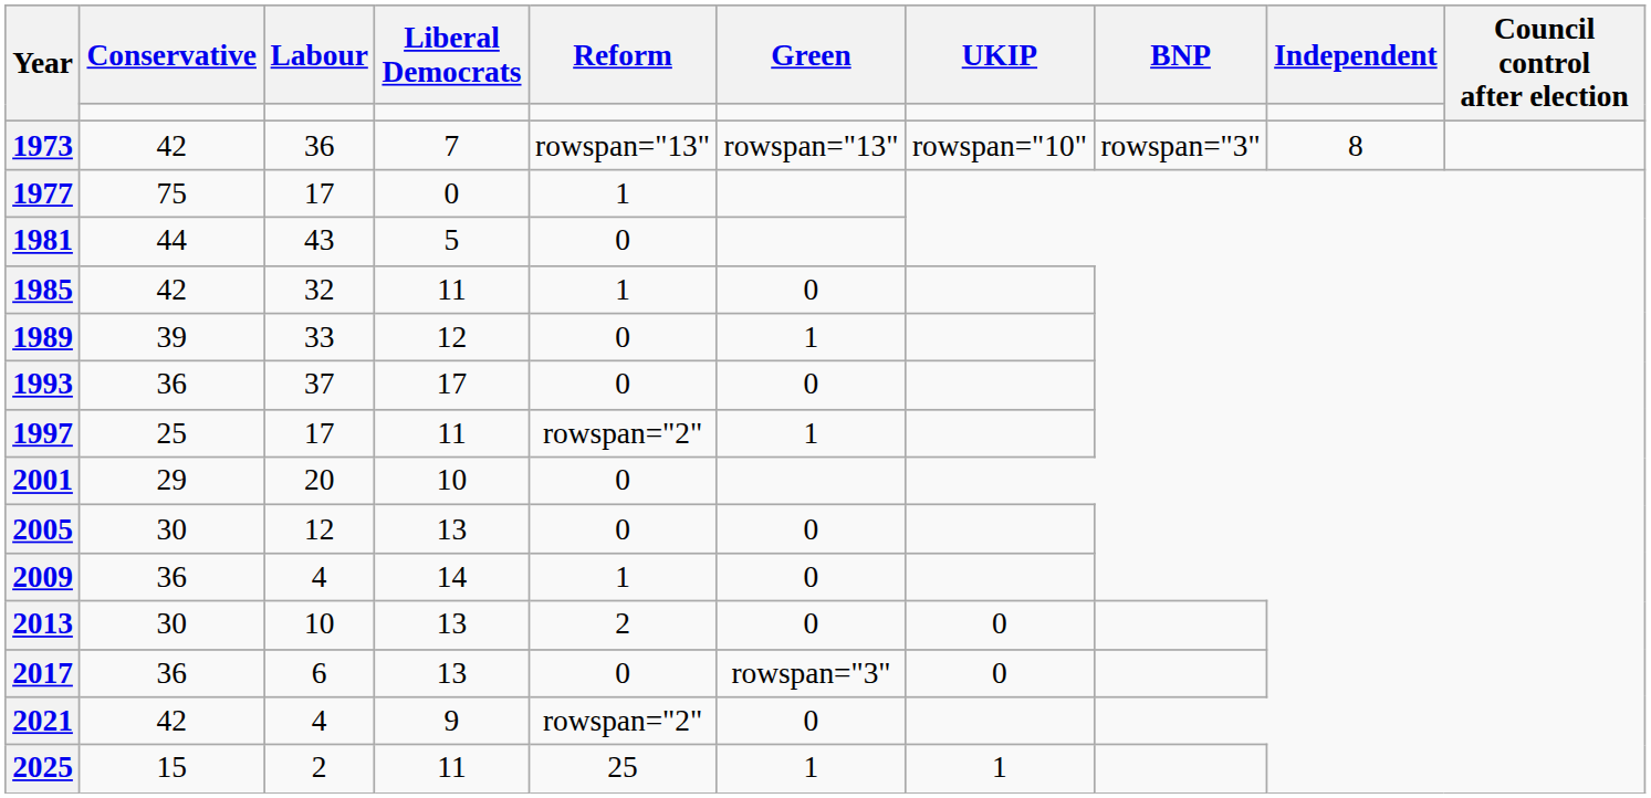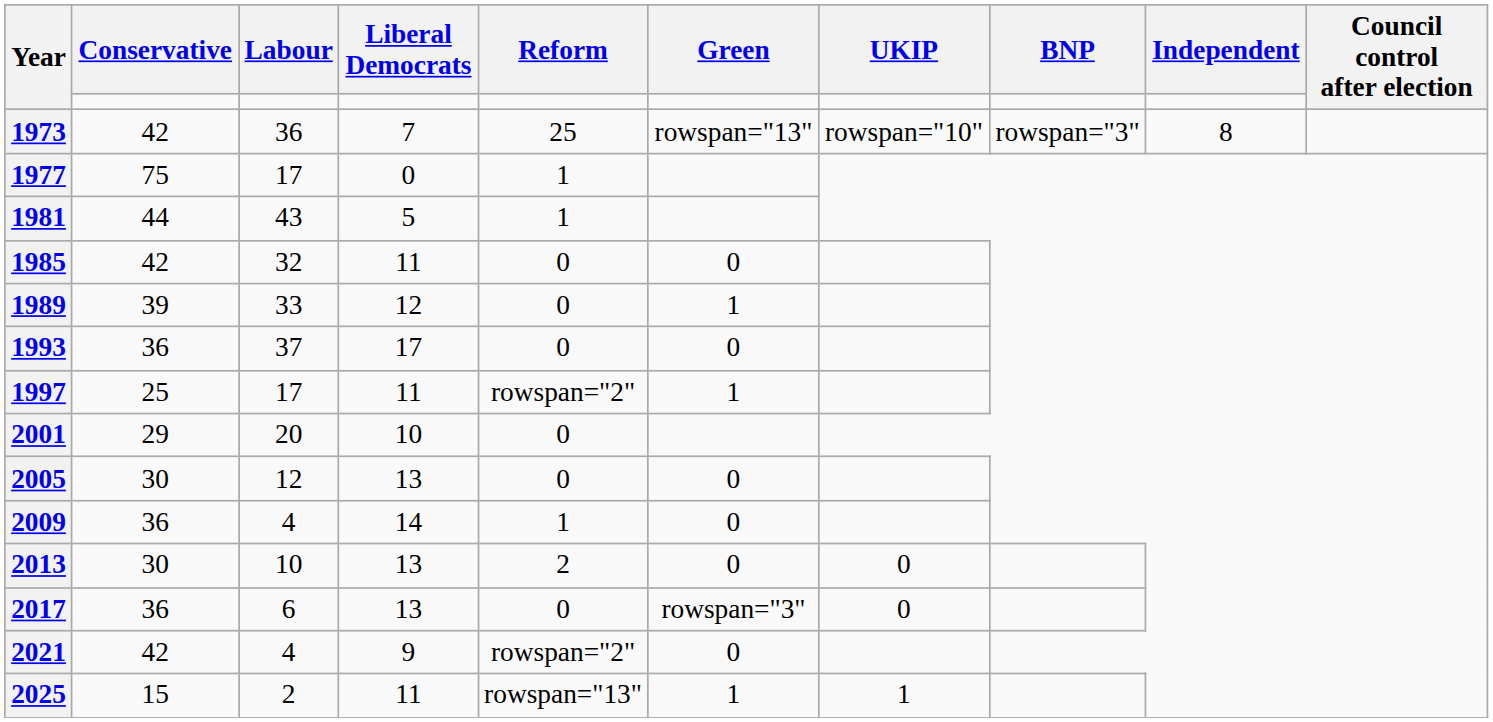 <table class="wikitable plainrowheaders" style="text-align:center">
 <tr>
 <th scope="col" rowspan="2">Year</th>
 <th scope="col"><a href='#'>Conservative</a></th>
 <th scope="col"><a href='#'>Labour</a></th>
 <th scope="col" style="width:1px"><a href='#'>Liberal Democrats</a></th>
 <th scope="col"><a href='#'>Reform</a></th>
 <th><a href='#'>Green</a></th>
 <th scope="col"><a href='#'>UKIP</a></th>
 <th scope="col"><a href='#'>BNP</a></th>
 <th scope="col"><a href='#'>Independent</a></th>
 <th scope="col" rowspan="2" colspan="2">Council control<br>after election</th>
 </tr>
 <tr>
 <td style="background:"></td>
 <td style="background:"></td>
 <td style="background:"></td>
 <td style="background:"></td>
 <td style="background:"></td>
 <td style="background:"></td>
 <td style="background:"></td>
 <td style="background:"></td>
 </tr>
 <tr>
 <th scope="row"><a href='#'>1973</a></th>
 <td>42</td>
 <td>36</td>
 <td>7</td>
-<td>rowspan="13" </td>
+<td>25</td>
 <td>rowspan="13" </td>
 <td>rowspan="10" </td>
 <td>rowspan="3" </td>
 <td>8</td>
 <td></td>
 </tr>
 <tr>
 <th scope="row"><a href='#'>1977</a></th>
 <td>75</td>
 <td>17</td>
 <td>0</td>
 <td>1</td>
 <td></td>
 </tr>
 <tr>
 <th scope="row"><a href='#'>1981</a></th>
 <td>44</td>
 <td>43</td>
 <td>5</td>
-<td>0</td>
+<td>1</td>
 <td></td>
 </tr>
 <tr>
 <th scope="row"><a href='#'>1985</a></th>
 <td>42</td>
 <td>32</td>
 <td>11</td>
-<td>1</td>
+<td>0</td>
 <td>0</td>
 <td></td>
 </tr>
 <tr>
 <th scope="row"><a href='#'>1989</a></th>
 <td>39</td>
 <td>33</td>
 <td>12</td>
 <td>0</td>
 <td>1</td>
 <td></td>
 </tr>
 <tr>
 <th scope="row"><a href='#'>1993</a></th>
 <td>36</td>
 <td>37</td>
 <td>17</td>
 <td>0</td>
 <td>0</td>
 <td></td>
 </tr>
 <tr>
 <th scope="row"><a href='#'>1997</a></th>
 <td>25</td>
 <td>17</td>
 <td>11</td>
 <td>rowspan="2" </td>
 <td>1</td>
 <td></td>
 </tr>
 <tr>
 <th scope="row"><a href='#'>2001</a></th>
 <td>29</td>
 <td>20</td>
 <td>10</td>
 <td>0</td>
 <td></td>
 </tr>
 <tr>
 <th scope="row"><a href='#'>2005</a></th>
 <td>30</td>
 <td>12</td>
 <td>13</td>
 <td>0</td>
 <td>0</td>
 <td></td>
 </tr>
 <tr>
 <th scope="row"><a href='#'>2009</a></th>
 <td>36</td>
 <td>4</td>
 <td>14</td>
 <td>1</td>
 <td>0</td>
 <td></td>
 </tr>
 <tr>
 <th scope="row"><a href='#'>2013</a></th>
 <td>30</td>
 <td>10</td>
 <td>13</td>
 <td>2</td>
 <td>0</td>
 <td>0</td>
 <td></td>
 </tr>
 <tr>
 <th scope="row"><a href='#'>2017</a></th>
 <td>36</td>
 <td>6</td>
 <td>13</td>
 <td>0</td>
 <td>rowspan="3" </td>
 <td>0</td>
 <td></td>
 </tr>
 <tr>
 <th scope="row"><a href='#'>2021</a></th>
 <td>42</td>
 <td>4</td>
 <td>9</td>
 <td>rowspan="2" </td>
 <td>0</td>
 <td></td>
 </tr>
 <tr>
 <th scope="row"><a href='#'>2025</a></th>
 <td>15</td>
 <td>2</td>
 <td>11</td>
-<td>25</td>
+<td>rowspan="13" </td>
 <td>1</td>
 <td>1</td>
 <td></td>
 </tr>
 </table>
